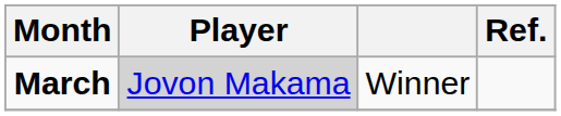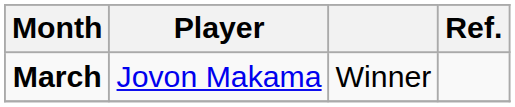 <table class="wikitable" style="text-align:left">
 <tr>
 <th>Month</th>
 <th>Player</th>
 <th></th>
 <th>Ref.</th>
 </tr>
 <tr>
 <td align=center><strong>March</strong></td>
-<td style="background: lightgrey;"> <a href='#'>Jovon Makama</a></td>
+<td> <a href='#'>Jovon Makama</a></td>
 <td>Winner</td>
 <td align="center"></td>
 </tr>
 <tr>
 </tr>
 </table>
